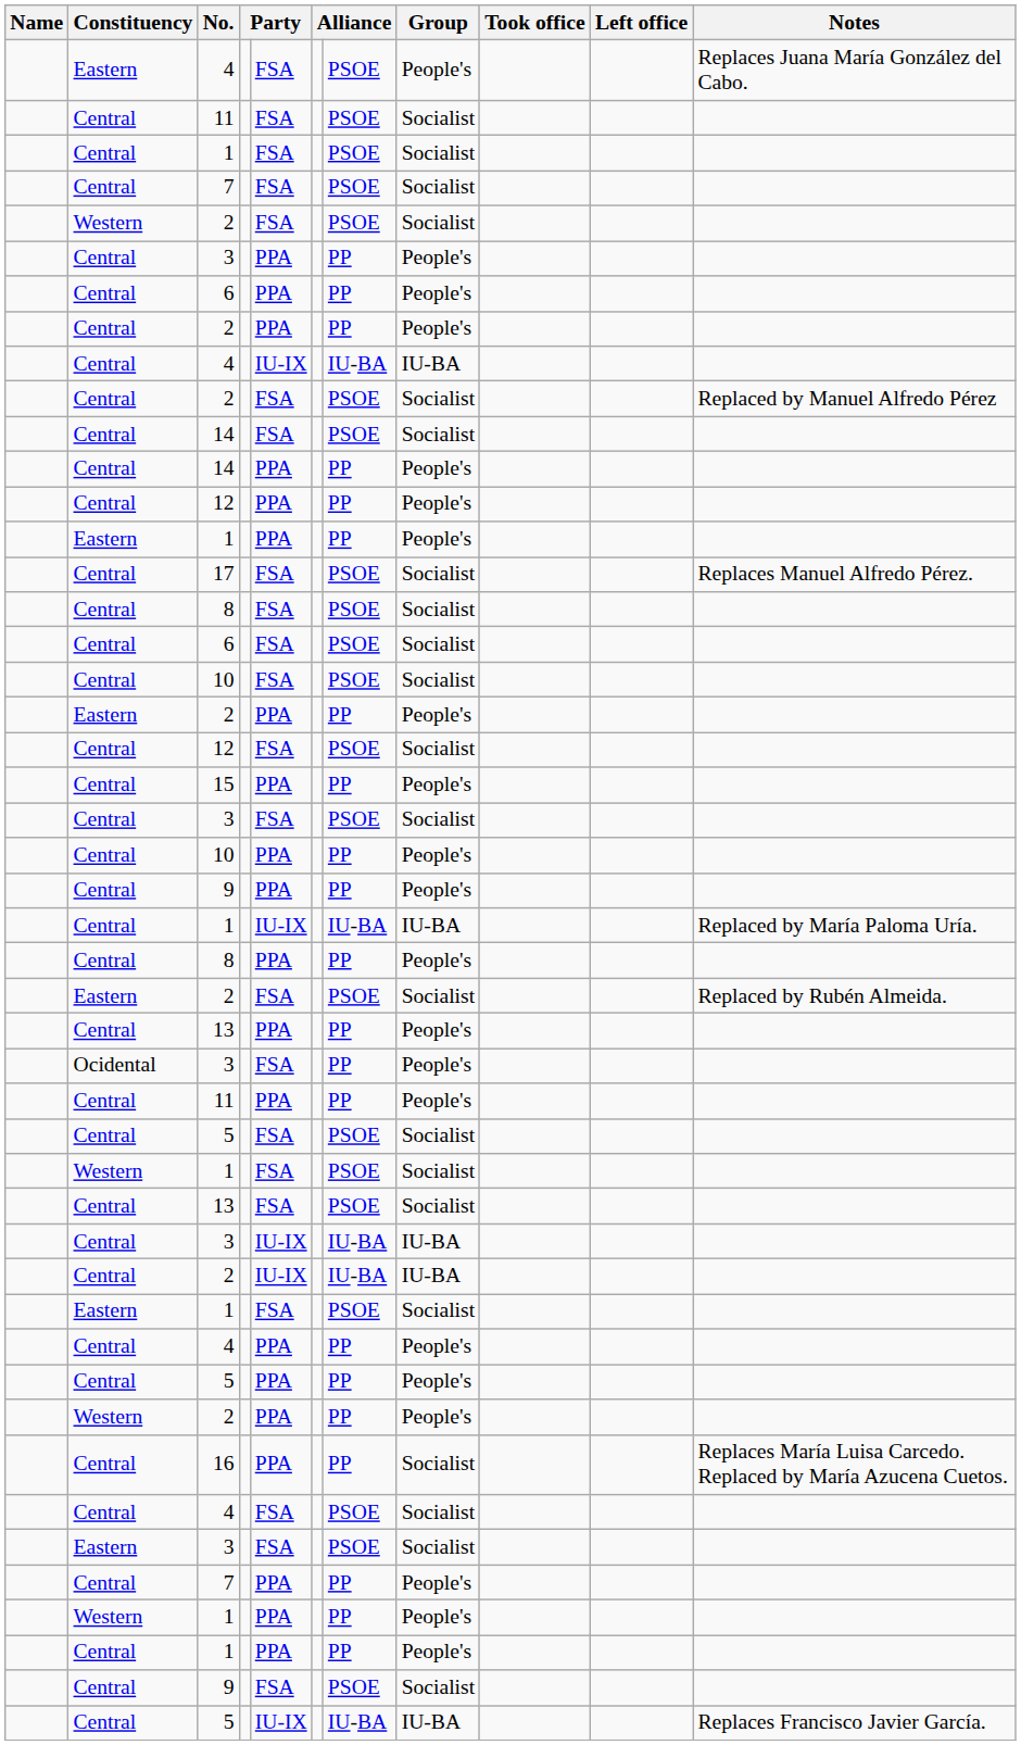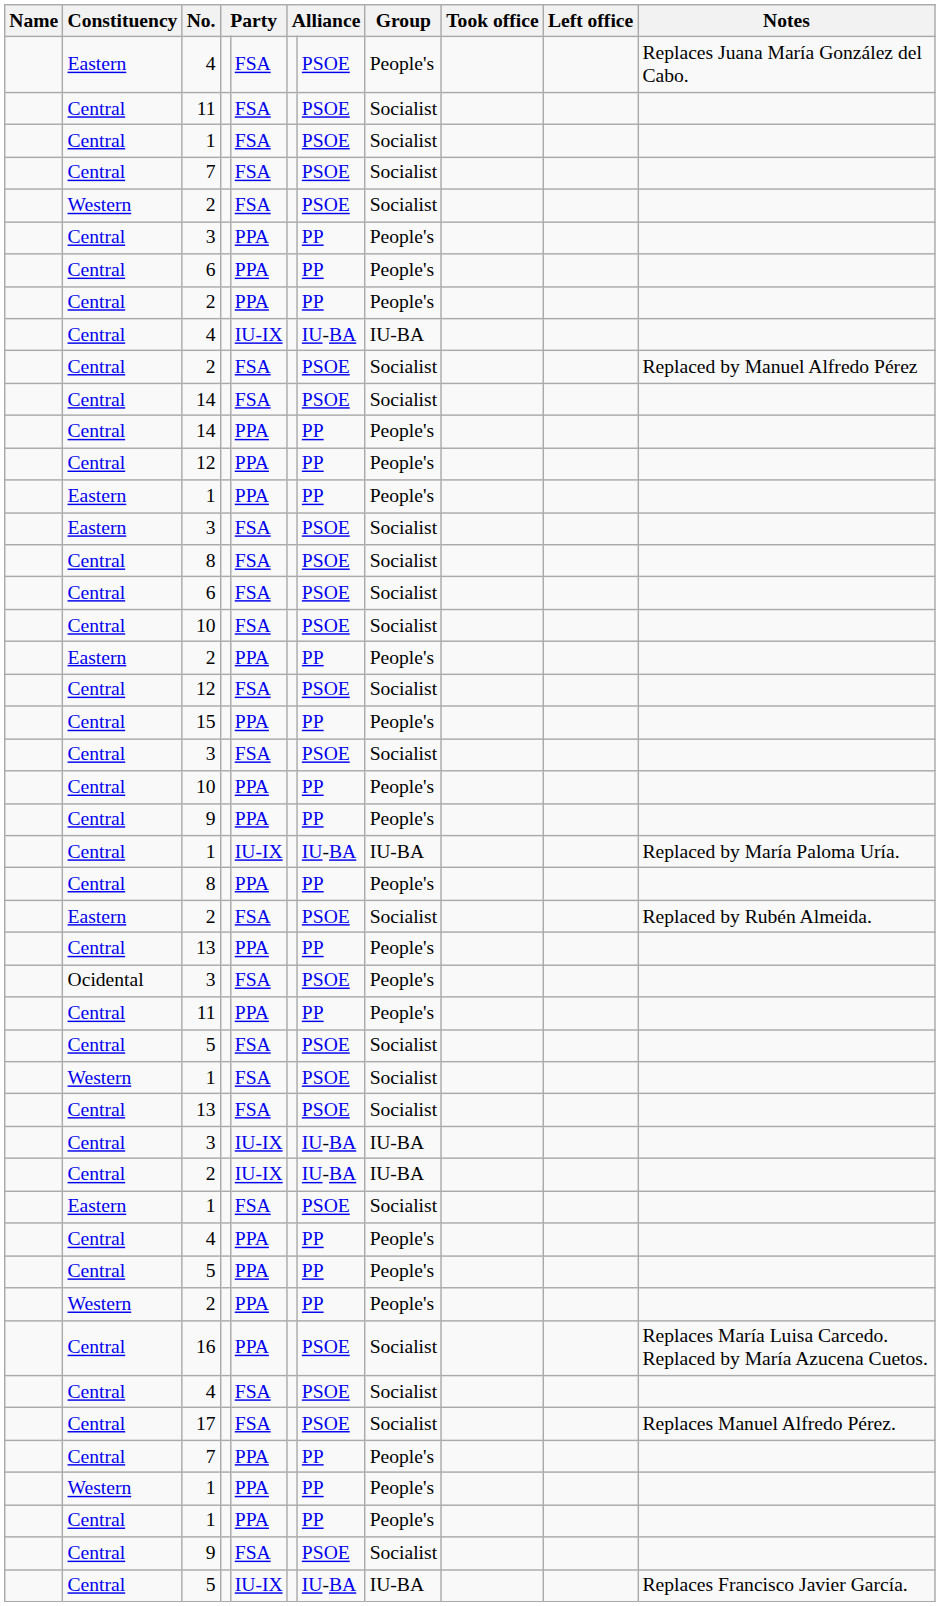 <table class="wikitable plainrowheaders sortable" style="font-size:85%; text-align:left;">
 <tr>
 <th scope="col">Name</th>
 <th scope="col">Constituency</th>
 <th scope="col">No.</th>
 <th colspan="2" scope="col">Party</th>
 <th colspan="2" scope="col">Alliance</th>
 <th scope="col">Group</th>
 <th scope="col">Took office</th>
 <th scope="col">Left office</th>
 <th scope="col" width="200">Notes</th>
 </tr>
 <tr>
 <td></td>
 <td><a href='#'>Eastern</a></td>
 <td align="right">4</td>
 <td style="width:0.5px;background:"></td>
 <td><a href='#'>FSA</a></td>
 <td style="width:0.5px;background:"></td>
 <td><a href='#'>PSOE</a></td>
 <td>People's</td>
 <td align="center"></td>
 <td align="center"></td>
 <td>Replaces Juana María González del Cabo.</td>
 </tr>
 <tr>
 <td></td>
 <td><a href='#'>Central</a></td>
 <td align="right">11</td>
 <td style="background:"></td>
 <td><a href='#'>FSA</a></td>
 <td style="background:"></td>
 <td><a href='#'>PSOE</a></td>
 <td>Socialist</td>
 <td align="center"></td>
 <td align="center"></td>
 <td></td>
 </tr>
 <tr>
 <td></td>
 <td><a href='#'>Central</a></td>
 <td align="right">1</td>
 <td style="background:"></td>
 <td><a href='#'>FSA</a></td>
 <td style="background:"></td>
 <td><a href='#'>PSOE</a></td>
 <td>Socialist</td>
 <td align="center"></td>
 <td align="center"></td>
 <td></td>
 </tr>
 <tr>
 <td></td>
 <td><a href='#'>Central</a></td>
 <td align="right">7</td>
 <td style="background:"></td>
 <td><a href='#'>FSA</a></td>
 <td style="background:"></td>
 <td><a href='#'>PSOE</a></td>
 <td>Socialist</td>
 <td align="center"></td>
 <td align="center"></td>
 <td></td>
 </tr>
 <tr>
 <td></td>
 <td><a href='#'>Western</a></td>
 <td align="right">2</td>
 <td style="background:"></td>
 <td><a href='#'>FSA</a></td>
 <td style="background:"></td>
 <td><a href='#'>PSOE</a></td>
 <td>Socialist</td>
 <td align="center"></td>
 <td align="center"></td>
 <td></td>
 </tr>
 <tr>
 <td></td>
 <td><a href='#'>Central</a></td>
 <td align="right">3</td>
 <td style="background:"></td>
 <td><a href='#'>PPA</a></td>
 <td style="background:"></td>
 <td><a href='#'>PP</a></td>
 <td>People's</td>
 <td align="center"></td>
 <td align="center"></td>
 <td></td>
 </tr>
 <tr>
 <td></td>
 <td><a href='#'>Central</a></td>
 <td align="right">6</td>
 <td style="background:"></td>
 <td><a href='#'>PPA</a></td>
 <td style="background:"></td>
 <td><a href='#'>PP</a></td>
 <td>People's</td>
 <td align="center"></td>
 <td align="center"></td>
 <td></td>
 </tr>
 <tr>
 <td></td>
 <td><a href='#'>Central</a></td>
 <td align="right">2</td>
 <td style="background:"></td>
 <td><a href='#'>PPA</a></td>
 <td style="background:"></td>
 <td><a href='#'>PP</a></td>
 <td>People's</td>
 <td align="center"></td>
 <td align="center"></td>
 <td></td>
 </tr>
 <tr>
 <td></td>
 <td><a href='#'>Central</a></td>
 <td align="right">4</td>
 <td style="background:"></td>
 <td><a href='#'>IU-IX</a></td>
 <td style="background:"></td>
 <td><a href='#'>IU</a>-<a href='#'>BA</a></td>
 <td>IU-BA</td>
 <td align="center"></td>
 <td align="center"></td>
 <td></td>
 </tr>
 <tr>
 <td></td>
 <td><a href='#'>Central</a></td>
 <td align="right">2</td>
 <td style="background:"></td>
 <td><a href='#'>FSA</a></td>
 <td style="background:"></td>
 <td><a href='#'>PSOE</a></td>
 <td>Socialist</td>
 <td align="center"></td>
 <td align="center"></td>
 <td>Replaced by Manuel Alfredo Pérez</td>
 </tr>
 <tr>
 <td></td>
 <td><a href='#'>Central</a></td>
 <td align="right">14</td>
 <td style="background:"></td>
 <td><a href='#'>FSA</a></td>
 <td style="background:"></td>
 <td><a href='#'>PSOE</a></td>
 <td>Socialist</td>
 <td align="center"></td>
 <td align="center"></td>
 <td></td>
 </tr>
 <tr>
 <td></td>
 <td><a href='#'>Central</a></td>
 <td align="right">14</td>
 <td style="background:"></td>
 <td><a href='#'>PPA</a></td>
 <td style="background:"></td>
 <td><a href='#'>PP</a></td>
 <td>People's</td>
 <td align="center"></td>
 <td align="center"></td>
 <td></td>
 </tr>
 <tr>
 <td></td>
 <td><a href='#'>Central</a></td>
 <td align="right">12</td>
 <td style="background:"></td>
 <td><a href='#'>PPA</a></td>
 <td style="background:"></td>
 <td><a href='#'>PP</a></td>
 <td>People's</td>
 <td align="center"></td>
 <td align="center"></td>
 <td></td>
 </tr>
 <tr>
 <td></td>
 <td><a href='#'>Eastern</a></td>
 <td align="right">1</td>
 <td style="background:"></td>
 <td><a href='#'>PPA</a></td>
 <td style="background:"></td>
 <td><a href='#'>PP</a></td>
 <td>People's</td>
 <td align="center"></td>
 <td align="center"></td>
 <td></td>
 </tr>
 <tr>
 <td></td>
-<td><a href='#'>Central</a></td>
-<td align="right">17</td>
+<td><a href='#'>Eastern</a></td>
+<td align="right">3</td>
 <td style="background:"></td>
 <td><a href='#'>FSA</a></td>
 <td style="background:"></td>
 <td><a href='#'>PSOE</a></td>
 <td>Socialist</td>
 <td align="center"></td>
 <td align="center"></td>
-<td>Replaces Manuel Alfredo Pérez.</td>
+<td></td>
 </tr>
 <tr>
 <td></td>
 <td><a href='#'>Central</a></td>
 <td align="right">8</td>
 <td style="background:"></td>
 <td><a href='#'>FSA</a></td>
 <td style="background:"></td>
 <td><a href='#'>PSOE</a></td>
 <td>Socialist</td>
 <td align="center"></td>
 <td align="center"></td>
 <td></td>
 </tr>
 <tr>
 <td></td>
 <td><a href='#'>Central</a></td>
 <td align="right">6</td>
 <td style="background:"></td>
 <td><a href='#'>FSA</a></td>
 <td style="background:"></td>
 <td><a href='#'>PSOE</a></td>
 <td>Socialist</td>
 <td align="center"></td>
 <td align="center"></td>
 <td></td>
 </tr>
 <tr>
 <td></td>
 <td><a href='#'>Central</a></td>
 <td align="right">10</td>
 <td style="background:"></td>
 <td><a href='#'>FSA</a></td>
 <td style="background:"></td>
 <td><a href='#'>PSOE</a></td>
 <td>Socialist</td>
 <td align="center"></td>
 <td align="center"></td>
 <td></td>
 </tr>
 <tr>
 <td></td>
 <td><a href='#'>Eastern</a></td>
 <td align="right">2</td>
 <td style="background:"></td>
 <td><a href='#'>PPA</a></td>
 <td style="background:"></td>
 <td><a href='#'>PP</a></td>
 <td>People's</td>
 <td align="center"></td>
 <td align="center"></td>
 <td></td>
 </tr>
 <tr>
 <td></td>
 <td><a href='#'>Central</a></td>
 <td align="right">12</td>
 <td style="background:"></td>
 <td><a href='#'>FSA</a></td>
 <td style="background:"></td>
 <td><a href='#'>PSOE</a></td>
 <td>Socialist</td>
 <td align="center"></td>
 <td align="center"></td>
 <td></td>
 </tr>
 <tr>
 <td></td>
 <td><a href='#'>Central</a></td>
 <td align="right">15</td>
 <td style="background:"></td>
 <td><a href='#'>PPA</a></td>
 <td style="background:"></td>
 <td><a href='#'>PP</a></td>
 <td>People's</td>
 <td align="center"></td>
 <td align="center"></td>
 <td></td>
 </tr>
 <tr>
 <td></td>
 <td><a href='#'>Central</a></td>
 <td align="right">3</td>
 <td style="background:"></td>
 <td><a href='#'>FSA</a></td>
 <td style="background:"></td>
 <td><a href='#'>PSOE</a></td>
 <td>Socialist</td>
 <td align="center"></td>
 <td align="center"></td>
 <td></td>
 </tr>
 <tr>
 <td></td>
 <td><a href='#'>Central</a></td>
 <td align="right">10</td>
 <td style="background:"></td>
 <td><a href='#'>PPA</a></td>
 <td style="background:"></td>
 <td><a href='#'>PP</a></td>
 <td>People's</td>
 <td align="center"></td>
 <td align="center"></td>
 <td></td>
 </tr>
 <tr>
 <td></td>
 <td><a href='#'>Central</a></td>
 <td align="right">9</td>
 <td style="background:"></td>
 <td><a href='#'>PPA</a></td>
 <td style="background:"></td>
 <td><a href='#'>PP</a></td>
 <td>People's</td>
 <td align="center"></td>
 <td align="center"></td>
 <td></td>
 </tr>
 <tr>
 <td></td>
 <td><a href='#'>Central</a></td>
 <td align="right">1</td>
 <td style="background:"></td>
 <td><a href='#'>IU-IX</a></td>
 <td style="background:"></td>
 <td><a href='#'>IU</a>-<a href='#'>BA</a></td>
 <td>IU-BA</td>
 <td align="center"></td>
 <td align="center"></td>
 <td>Replaced by María Paloma Uría.</td>
 </tr>
 <tr>
 <td></td>
 <td><a href='#'>Central</a></td>
 <td align="right">8</td>
 <td style="background:"></td>
 <td><a href='#'>PPA</a></td>
 <td style="background:"></td>
 <td><a href='#'>PP</a></td>
 <td>People's</td>
 <td align="center"></td>
 <td align="center"></td>
 <td></td>
 </tr>
 <tr>
 <td></td>
 <td><a href='#'>Eastern</a></td>
 <td align="right">2</td>
 <td style="background:"></td>
 <td><a href='#'>FSA</a></td>
 <td style="background:"></td>
 <td><a href='#'>PSOE</a></td>
 <td>Socialist</td>
 <td align="center"></td>
 <td align="center"></td>
 <td>Replaced by Rubén Almeida.</td>
 </tr>
 <tr>
 <td></td>
 <td><a href='#'>Central</a></td>
 <td align="right">13</td>
 <td style="background:"></td>
 <td><a href='#'>PPA</a></td>
 <td style="background:"></td>
 <td><a href='#'>PP</a></td>
 <td>People's</td>
 <td align="center"></td>
 <td align="center"></td>
 <td></td>
 </tr>
 <tr>
 <td></td>
 <td>Ocidental</td>
 <td align="right">3</td>
 <td style="background:"></td>
 <td><a href='#'>FSA</a></td>
 <td style="background:"></td>
-<td><a href='#'>PP</a></td>
+<td><a href='#'>PSOE</a></td>
 <td>People's</td>
 <td align="center"></td>
 <td align="center"></td>
 <td></td>
 </tr>
 <tr>
 <td></td>
 <td><a href='#'>Central</a></td>
 <td align="right">11</td>
 <td style="background:"></td>
 <td><a href='#'>PPA</a></td>
 <td style="background:"></td>
 <td><a href='#'>PP</a></td>
 <td>People's</td>
 <td align="center"></td>
 <td align="center"></td>
 <td></td>
 </tr>
 <tr>
 <td></td>
 <td><a href='#'>Central</a></td>
 <td align="right">5</td>
 <td style="background:"></td>
 <td><a href='#'>FSA</a></td>
 <td style="background:"></td>
 <td><a href='#'>PSOE</a></td>
 <td>Socialist</td>
 <td align="center"></td>
 <td align="center"></td>
 <td></td>
 </tr>
 <tr>
 <td></td>
 <td><a href='#'>Western</a></td>
 <td align="right">1</td>
 <td style="background:"></td>
 <td><a href='#'>FSA</a></td>
 <td style="background:"></td>
 <td><a href='#'>PSOE</a></td>
 <td>Socialist</td>
 <td align="center"></td>
 <td align="center"></td>
 <td></td>
 </tr>
 <tr>
 <td></td>
 <td><a href='#'>Central</a></td>
 <td align="right">13</td>
 <td style="background:"></td>
 <td><a href='#'>FSA</a></td>
 <td style="background:"></td>
 <td><a href='#'>PSOE</a></td>
 <td>Socialist</td>
 <td align="center"></td>
 <td align="center"></td>
 <td></td>
 </tr>
 <tr>
 <td></td>
 <td><a href='#'>Central</a></td>
 <td align="right">3</td>
 <td style="background:"></td>
 <td><a href='#'>IU-IX</a></td>
 <td style="background:"></td>
 <td><a href='#'>IU</a>-<a href='#'>BA</a></td>
 <td>IU-BA</td>
 <td align="center"></td>
 <td align="center"></td>
 <td></td>
 </tr>
 <tr>
 <td></td>
 <td><a href='#'>Central</a></td>
 <td align="right">2</td>
 <td style="background:"></td>
 <td><a href='#'>IU-IX</a></td>
 <td style="background:"></td>
 <td><a href='#'>IU</a>-<a href='#'>BA</a></td>
 <td>IU-BA</td>
 <td align="center"></td>
 <td align="center"></td>
 <td></td>
 </tr>
 <tr>
 <td></td>
 <td><a href='#'>Eastern</a></td>
 <td align="right">1</td>
 <td style="background:"></td>
 <td><a href='#'>FSA</a></td>
 <td style="background:"></td>
 <td><a href='#'>PSOE</a></td>
 <td>Socialist</td>
 <td align="center"></td>
 <td align="center"></td>
 <td></td>
 </tr>
 <tr>
 <td></td>
 <td><a href='#'>Central</a></td>
 <td align="right">4</td>
 <td style="background:"></td>
 <td><a href='#'>PPA</a></td>
 <td style="background:"></td>
 <td><a href='#'>PP</a></td>
 <td>People's</td>
 <td align="center"></td>
 <td align="center"></td>
 <td></td>
 </tr>
 <tr>
 <td></td>
 <td><a href='#'>Central</a></td>
 <td align="right">5</td>
 <td style="background:"></td>
 <td><a href='#'>PPA</a></td>
 <td style="background:"></td>
 <td><a href='#'>PP</a></td>
 <td>People's</td>
 <td align="center"></td>
 <td align="center"></td>
 <td></td>
 </tr>
 <tr>
 <td></td>
 <td><a href='#'>Western</a></td>
 <td align="right">2</td>
 <td style="background:"></td>
 <td><a href='#'>PPA</a></td>
 <td style="background:"></td>
 <td><a href='#'>PP</a></td>
 <td>People's</td>
 <td align="center"></td>
 <td align="center"></td>
 <td></td>
 </tr>
 <tr>
 <td></td>
 <td><a href='#'>Central</a></td>
 <td align="right">16</td>
 <td style="background:"></td>
 <td><a href='#'>PPA</a></td>
 <td style="background:"></td>
-<td><a href='#'>PP</a></td>
+<td><a href='#'>PSOE</a></td>
 <td>Socialist</td>
 <td align="center"></td>
 <td align="center"></td>
 <td>Replaces María Luisa Carcedo. Replaced by María Azucena Cuetos.</td>
 </tr>
 <tr>
 <td></td>
 <td><a href='#'>Central</a></td>
 <td align="right">4</td>
 <td style="background:"></td>
 <td><a href='#'>FSA</a></td>
 <td style="background:"></td>
 <td><a href='#'>PSOE</a></td>
 <td>Socialist</td>
 <td align="center"></td>
 <td align="center"></td>
 <td></td>
 </tr>
 <tr>
 <td></td>
-<td><a href='#'>Eastern</a></td>
-<td align="right">3</td>
+<td><a href='#'>Central</a></td>
+<td align="right">17</td>
 <td style="background:"></td>
 <td><a href='#'>FSA</a></td>
 <td style="background:"></td>
 <td><a href='#'>PSOE</a></td>
 <td>Socialist</td>
 <td align="center"></td>
 <td align="center"></td>
-<td></td>
+<td>Replaces Manuel Alfredo Pérez.</td>
 </tr>
 <tr>
 <td></td>
 <td><a href='#'>Central</a></td>
 <td align="right">7</td>
 <td style="background:"></td>
 <td><a href='#'>PPA</a></td>
 <td style="background:"></td>
 <td><a href='#'>PP</a></td>
 <td>People's</td>
 <td align="center"></td>
 <td align="center"></td>
 <td></td>
 </tr>
 <tr>
 <td></td>
 <td><a href='#'>Western</a></td>
 <td align="right">1</td>
 <td style="background:"></td>
 <td><a href='#'>PPA</a></td>
 <td style="background:"></td>
 <td><a href='#'>PP</a></td>
 <td>People's</td>
 <td align="center"></td>
 <td align="center"></td>
 <td></td>
 </tr>
 <tr>
 <td></td>
 <td><a href='#'>Central</a></td>
 <td align="right">1</td>
 <td style="background:"></td>
 <td><a href='#'>PPA</a></td>
 <td style="background:"></td>
 <td><a href='#'>PP</a></td>
 <td>People's</td>
 <td align="center"></td>
 <td align="center"></td>
 <td></td>
 </tr>
 <tr>
 <td></td>
 <td><a href='#'>Central</a></td>
 <td align="right">9</td>
 <td style="background:"></td>
 <td><a href='#'>FSA</a></td>
 <td style="background:"></td>
 <td><a href='#'>PSOE</a></td>
 <td>Socialist</td>
 <td align="center"></td>
 <td align="center"></td>
 <td></td>
 </tr>
 <tr>
 <td></td>
 <td><a href='#'>Central</a></td>
 <td align="right">5</td>
 <td style="background:"></td>
 <td><a href='#'>IU-IX</a></td>
 <td style="background:"></td>
 <td><a href='#'>IU</a>-<a href='#'>BA</a></td>
 <td>IU-BA</td>
 <td align="center"></td>
 <td align="center"></td>
 <td>Replaces Francisco Javier García.</td>
 </tr>
 </table>
